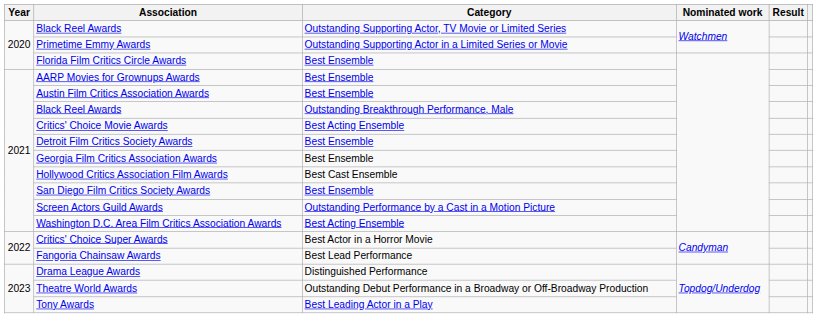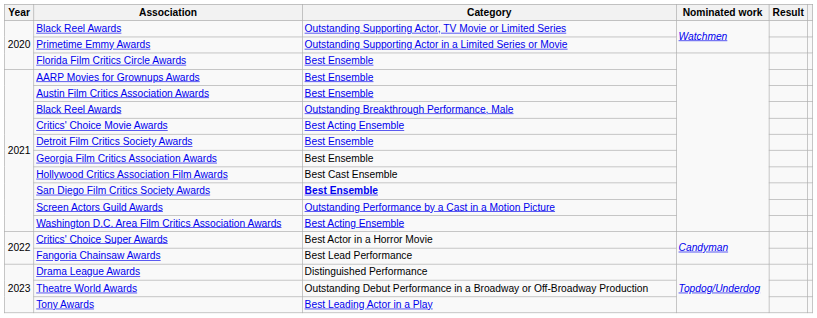 <table class="wikitable plainrowheaders sortable" style="width:100%;">
 <tr style="background:#ccc; text-align:center;">
 <th scope="col">Year</th>
 <th scope="col">Association</th>
 <th scope="col">Category</th>
 <th scope="col">Nominated work</th>
 <th scope="col">Result</th>
 <th scope="col" class="unsortable"></th>
 </tr>
 <tr>
 <td style="text-align:center;" rowspan="3">2020</td>
 <td><a href='#'>Black Reel Awards</a></td>
 <td><a href='#'>Outstanding Supporting Actor, TV Movie or Limited Series</a></td>
 <td rowspan="2"><em><a href='#'>Watchmen</a></em></td>
 <td></td>
 <td style="text-align:center;"></td>
 </tr>
 <tr>
 <td><a href='#'>Primetime Emmy Awards</a></td>
 <td><a href='#'>Outstanding Supporting Actor in a Limited Series or Movie</a></td>
 <td></td>
 <td style="text-align:center;"></td>
 </tr>
 <tr>
 <td><a href='#'>Florida Film Critics Circle Awards</a></td>
 <td><a href='#'>Best Ensemble</a></td>
 <td rowspan="11"></td>
 <td></td>
 <td style="text-align:center;"></td>
 </tr>
 <tr>
 <td style="text-align:center;" rowspan="10">2021</td>
 <td><a href='#'>AARP Movies for Grownups Awards</a></td>
 <td><a href='#'>Best Ensemble</a></td>
 <td></td>
 <td style="text-align:center;"></td>
 </tr>
 <tr>
 <td><a href='#'>Austin Film Critics Association Awards</a></td>
 <td><a href='#'>Best Ensemble</a></td>
 <td></td>
 <td style="text-align:center;"></td>
 </tr>
 <tr>
 <td><a href='#'>Black Reel Awards</a></td>
 <td><a href='#'>Outstanding Breakthrough Performance, Male</a></td>
 <td></td>
 <td style="text-align:center;"></td>
 </tr>
 <tr>
 <td><a href='#'>Critics' Choice Movie Awards</a></td>
 <td><a href='#'>Best Acting Ensemble</a></td>
 <td></td>
 <td style="text-align:center;"></td>
 </tr>
 <tr>
 <td><a href='#'>Detroit Film Critics Society Awards</a></td>
 <td><a href='#'>Best Ensemble</a></td>
 <td></td>
 <td style="text-align:center;"></td>
 </tr>
 <tr>
 <td><a href='#'>Georgia Film Critics Association Awards</a></td>
 <td>Best Ensemble</td>
 <td></td>
 <td style="text-align:center;"></td>
 </tr>
 <tr>
 <td><a href='#'>Hollywood Critics Association Film Awards</a></td>
 <td>Best Cast Ensemble</td>
 <td></td>
 <td style="text-align:center;"></td>
 </tr>
 <tr>
 <td><a href='#'>San Diego Film Critics Society Awards</a></td>
-<td><a href='#'>Best Ensemble</a></td>
+<td><strong><a href='#'>Best Ensemble</a></strong></td>
 <td></td>
 <td style="text-align:center;"></td>
 </tr>
 <tr>
 <td><a href='#'>Screen Actors Guild Awards</a></td>
 <td><a href='#'>Outstanding Performance by a Cast in a Motion Picture</a></td>
 <td></td>
 <td style="text-align:center;"></td>
 </tr>
 <tr>
 <td><a href='#'>Washington D.C. Area Film Critics Association Awards</a></td>
 <td><a href='#'>Best Acting Ensemble</a></td>
 <td></td>
 <td style="text-align:center;"></td>
 </tr>
 <tr>
 <td style="text-align:center;" rowspan="2">2022</td>
 <td><a href='#'>Critics' Choice Super Awards</a></td>
 <td>Best Actor in a Horror Movie</td>
 <td rowspan="2"><em><a href='#'>Candyman</a></em></td>
 <td></td>
 <td style="text-align:center;"></td>
 </tr>
 <tr>
 <td><a href='#'>Fangoria Chainsaw Awards</a></td>
 <td>Best Lead Performance</td>
 <td></td>
 <td style="text-align:center;"></td>
 </tr>
 <tr>
 <td style="text-align:center;" rowspan="3">2023</td>
 <td><a href='#'>Drama League Awards</a></td>
 <td>Distinguished Performance</td>
 <td rowspan="3"><em><a href='#'>Topdog/Underdog</a></em></td>
 <td></td>
 <td style="text-align:center;"></td>
 </tr>
 <tr>
 <td><a href='#'>Theatre World Awards</a></td>
 <td>Outstanding Debut Performance in a Broadway or Off-Broadway Production</td>
 <td></td>
 <td style="text-align:center;"></td>
 </tr>
 <tr>
 <td><a href='#'>Tony Awards</a></td>
 <td><a href='#'>Best Leading Actor in a Play</a></td>
 <td></td>
 <td style="text-align:center;"></td>
 </tr>
 </table>
